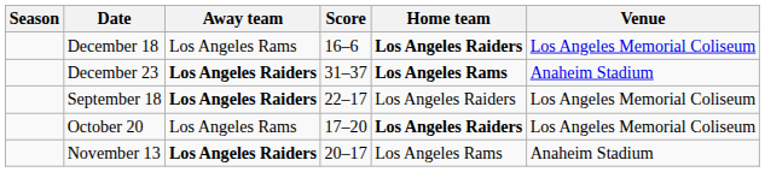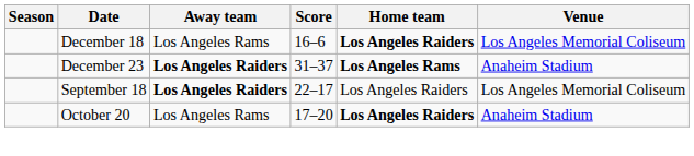 <table class="wikitable">
 <tr>
 <th>Season</th>
 <th>Date</th>
 <th>Away team</th>
 <th>Score</th>
 <th>Home team</th>
 <th>Venue</th>
 </tr>
 <tr>
 <td></td>
 <td>December 18</td>
 <td>Los Angeles Rams</td>
 <td>16–6</td>
 <td><strong>Los Angeles Raiders</strong></td>
 <td><a href='#'>Los Angeles Memorial Coliseum</a></td>
 </tr>
 <tr>
 <td></td>
 <td>December 23</td>
 <td><strong>Los Angeles Raiders</strong></td>
 <td>31–37</td>
 <td><strong>Los Angeles Rams</strong></td>
 <td><a href='#'>Anaheim Stadium</a></td>
 </tr>
 <tr>
 <td></td>
 <td>September 18</td>
 <td><strong>Los Angeles Raiders</strong></td>
 <td>22–17</td>
 <td>Los Angeles Raiders</td>
 <td>Los Angeles Memorial Coliseum</td>
 </tr>
 <tr>
 <td></td>
 <td>October 20</td>
 <td>Los Angeles Rams</td>
 <td>17–20</td>
 <td><strong>Los Angeles Raiders</strong></td>
-<td>Los Angeles Memorial Coliseum</td>
-</tr>
-<tr>
-<td></td>
-<td>November 13</td>
-<td><strong>Los Angeles Raiders</strong></td>
-<td>20–17</td>
-<td>Los Angeles Rams</td>
-<td>Anaheim Stadium</td>
+<td><a href='#'>Anaheim Stadium</a></td>
 </tr>
 </table>
